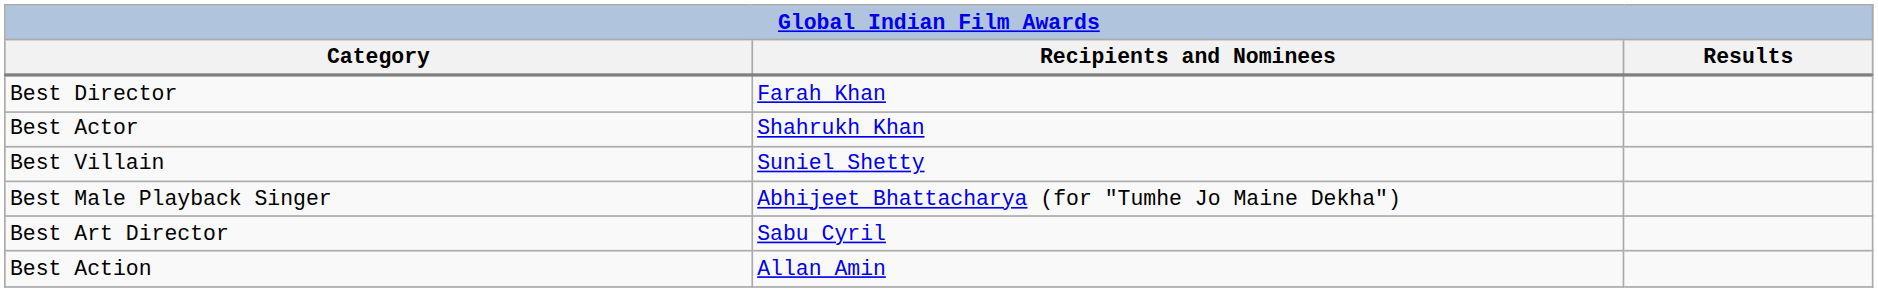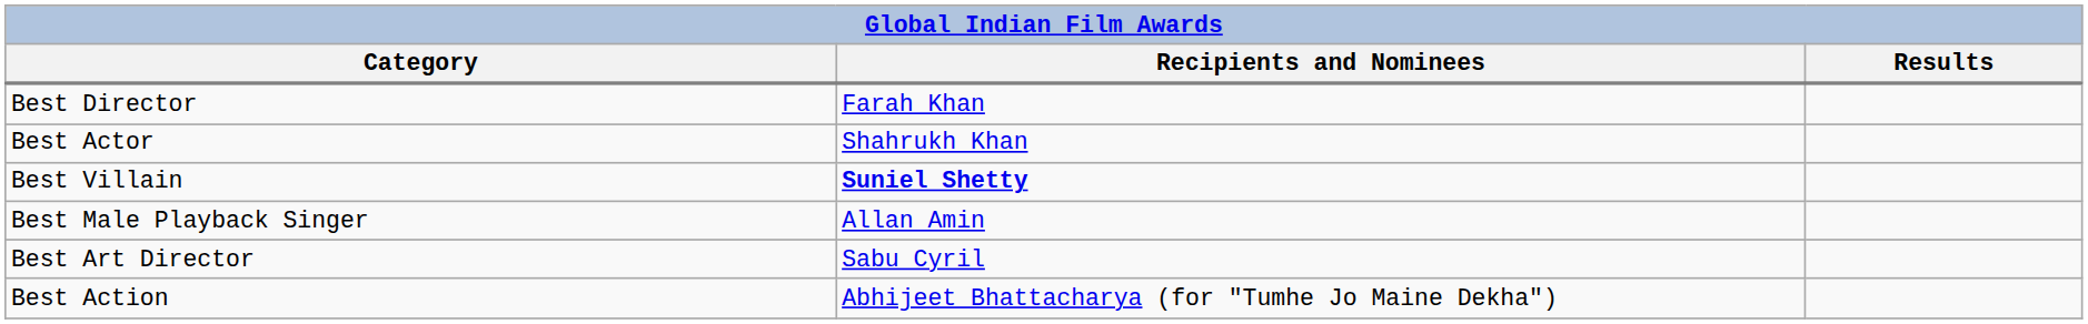 <table class="wikitable" style="font-size:100%">
 <tr style="background:#ccc; text-align:center;">
 <th colspan="6" style="background: LightSteelBlue;"><a href='#'>Global Indian Film Awards</a></th>
 </tr>
 <tr style="background:#ccc; text-align center;">
 <th style="width:30%;">Category</th>
 <th style="width:35%;">Recipients and Nominees</th>
 <th style="width:10%;">Results</th>
 </tr>
 <tr style="border-top:2px solid gray;">
 <td>Best Director</td>
 <td><a href='#'>Farah Khan</a></td>
 <td></td>
 </tr>
 <tr>
 <td>Best Actor</td>
 <td><a href='#'>Shahrukh Khan</a></td>
 <td></td>
 </tr>
 <tr>
 <td>Best Villain</td>
-<td><a href='#'>Suniel Shetty</a></td>
+<td><strong><a href='#'>Suniel Shetty</a></strong></td>
 <td></td>
 </tr>
 <tr>
 <td>Best Male Playback Singer</td>
-<td><a href='#'>Abhijeet Bhattacharya</a> (for "Tumhe Jo Maine Dekha")</td>
+<td><a href='#'>Allan Amin</a></td>
 <td></td>
 </tr>
 <tr>
 <td>Best Art Director</td>
 <td><a href='#'>Sabu Cyril</a></td>
 <td></td>
 </tr>
 <tr>
 <td>Best Action</td>
-<td><a href='#'>Allan Amin</a></td>
+<td><a href='#'>Abhijeet Bhattacharya</a> (for "Tumhe Jo Maine Dekha")</td>
 <td></td>
 </tr>
 </table>
